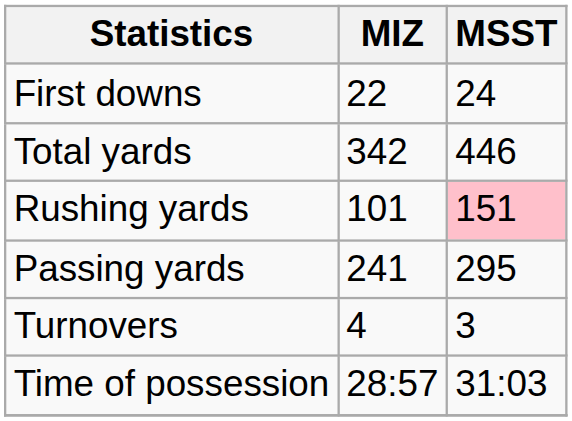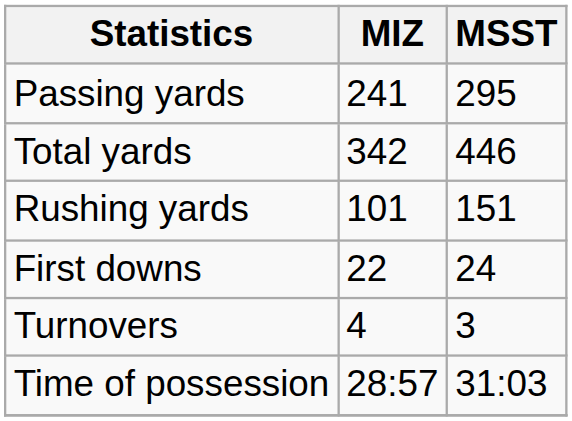 <table class="wikitable" style="float: left;">
 <tr>
 <th>Statistics</th>
 <th>MIZ</th>
 <th>MSST</th>
 </tr>
 <tr>
-<td>First downs</td>
-<td>22</td>
-<td>24</td>
+<td>Passing yards</td>
+<td>241</td>
+<td>295</td>
 </tr>
 <tr>
 <td>Total yards</td>
 <td>342</td>
 <td>446</td>
 </tr>
 <tr>
 <td>Rushing yards</td>
 <td>101</td>
-<td style="background: pink;">151</td>
+<td>151</td>
 </tr>
 <tr>
-<td>Passing yards</td>
-<td>241</td>
-<td>295</td>
+<td>First downs</td>
+<td>22</td>
+<td>24</td>
 </tr>
 <tr>
 <td>Turnovers</td>
 <td>4</td>
 <td>3</td>
 </tr>
 <tr>
 <td>Time of possession</td>
 <td>28:57</td>
 <td>31:03</td>
 </tr>
 <tr>
 </tr>
 </table>
